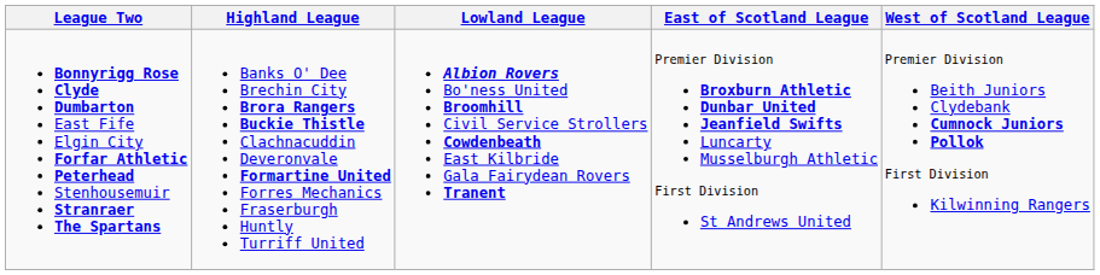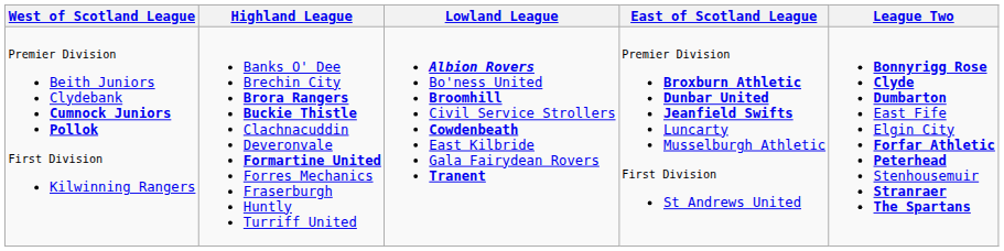 <table class="wikitable" style="text-align:left">
 <tr>
-<th><a href='#'>League Two</a></th>
+<th><a href='#'>West of Scotland League</a></th>
 <th><a href='#'>Highland League</a></th>
 <th><a href='#'>Lowland League</a></th>
 <th><a href='#'>East of Scotland League</a></th>
-<th><a href='#'>West of Scotland League</a></th>
+<th><a href='#'>League Two</a></th>
 </tr>
 <tr>
-<td valign="top"><br><ul><li><strong><a href='#'>Bonnyrigg Rose</a></strong></li><li><strong><a href='#'>Clyde</a></strong></li><li><strong><a href='#'>Dumbarton</a></strong></li><li><a href='#'>East Fife</a></li><li><a href='#'>Elgin City</a></li><li><strong><a href='#'>Forfar Athletic</a></strong></li><li><strong><a href='#'>Peterhead</a></strong></li><li><a href='#'>Stenhousemuir</a></li><li><strong><a href='#'>Stranraer</a></strong></li><li><strong><a href='#'>The Spartans</a></strong></li></ul></td>
+<td valign=top><br><small>Premier Division</small><ul><li><a href='#'>Beith Juniors</a></li><li><a href='#'>Clydebank</a></li><li><strong><a href='#'>Cumnock Juniors</a></strong></li><li><strong><a href='#'>Pollok</a></strong></li></ul><small>First Division</small><ul><li><a href='#'>Kilwinning Rangers</a></li></ul></td>
 <td valign=top><br><ul><li><a href='#'>Banks O' Dee</a></li><li><a href='#'>Brechin City</a></li><li><strong><a href='#'>Brora Rangers</a></strong></li><li><strong><a href='#'>Buckie Thistle</a></strong></li><li><a href='#'>Clachnacuddin</a></li><li><a href='#'>Deveronvale</a></li><li><strong><a href='#'>Formartine United</a></strong></li><li><a href='#'>Forres Mechanics</a></li><li><a href='#'>Fraserburgh</a></li><li><a href='#'>Huntly</a></li><li><a href='#'>Turriff United</a></li></ul></td>
 <td valign=top><br><ul><li><strong><em><a href='#'>Albion Rovers</a></em></strong></li><li><a href='#'>Bo'ness United</a></li><li><strong><a href='#'>Broomhill</a></strong></li><li><a href='#'>Civil Service Strollers</a></li><li><strong><a href='#'>Cowdenbeath</a></strong></li><li><a href='#'>East Kilbride</a></li><li><a href='#'>Gala Fairydean Rovers</a></li><li><strong><a href='#'>Tranent</a></strong></li></ul></td>
 <td valign=top><br><small>Premier Division</small><ul><li><strong><a href='#'>Broxburn Athletic</a></strong></li><li><strong><a href='#'>Dunbar United</a></strong></li><li><strong><a href='#'>Jeanfield Swifts</a></strong></li><li><a href='#'>Luncarty</a></li><li><a href='#'>Musselburgh Athletic</a></li></ul><small>First Division</small><ul><li><a href='#'>St Andrews United</a></li></ul></td>
-<td valign=top><br><small>Premier Division</small><ul><li><a href='#'>Beith Juniors</a></li><li><a href='#'>Clydebank</a></li><li><strong><a href='#'>Cumnock Juniors</a></strong></li><li><strong><a href='#'>Pollok</a></strong></li></ul><small>First Division</small><ul><li><a href='#'>Kilwinning Rangers</a></li></ul></td>
+<td valign="top"><br><ul><li><strong><a href='#'>Bonnyrigg Rose</a></strong></li><li><strong><a href='#'>Clyde</a></strong></li><li><strong><a href='#'>Dumbarton</a></strong></li><li><a href='#'>East Fife</a></li><li><a href='#'>Elgin City</a></li><li><strong><a href='#'>Forfar Athletic</a></strong></li><li><strong><a href='#'>Peterhead</a></strong></li><li><a href='#'>Stenhousemuir</a></li><li><strong><a href='#'>Stranraer</a></strong></li><li><strong><a href='#'>The Spartans</a></strong></li></ul></td>
 </tr>
 </table>
